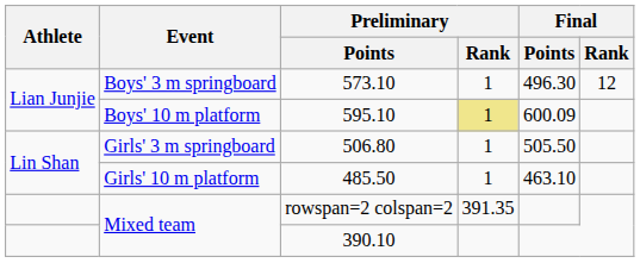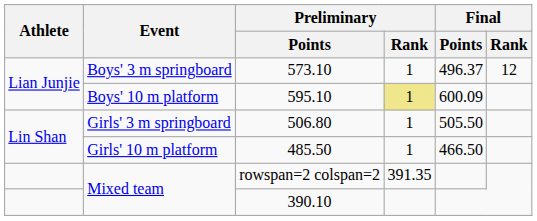 <table class="wikitable" style="text-align:center;font-size:90%">
 <tr>
 <th rowspan=2>Athlete</th>
 <th rowspan=2>Event</th>
 <th colspan=2>Preliminary</th>
 <th colspan=2>Final</th>
 </tr>
 <tr>
 <th>Points</th>
 <th>Rank</th>
 <th>Points</th>
 <th>Rank</th>
 </tr>
 <tr>
 <td align=left rowspan=2><a href='#'>Lian Junjie</a></td>
 <td align=left><a href='#'>Boys' 3 m springboard</a></td>
 <td>573.10</td>
 <td>1</td>
-<td>496.30</td>
+<td>496.37</td>
 <td>12</td>
 </tr>
 <tr>
 <td align=left><a href='#'>Boys' 10 m platform</a></td>
 <td>595.10</td>
 <td style="background: khaki;">1</td>
 <td>600.09</td>
 <td></td>
 </tr>
 <tr>
 <td align=left rowspan=2><a href='#'>Lin Shan</a></td>
 <td align=left><a href='#'>Girls' 3 m springboard</a></td>
 <td>506.80</td>
 <td>1</td>
 <td>505.50</td>
 <td></td>
 </tr>
 <tr>
 <td align=left><a href='#'>Girls' 10 m platform</a></td>
 <td>485.50</td>
 <td>1</td>
-<td>463.10</td>
+<td>466.50</td>
 <td></td>
 </tr>
 <tr>
 <td align=left><br></td>
 <td rowspan=2 align=left><a href='#'>Mixed team</a></td>
 <td>rowspan=2 colspan=2 </td>
 <td>391.35</td>
 <td></td>
 </tr>
 <tr>
 <td align=left><br></td>
 <td>390.10</td>
 <td></td>
 </tr>
 </table>
